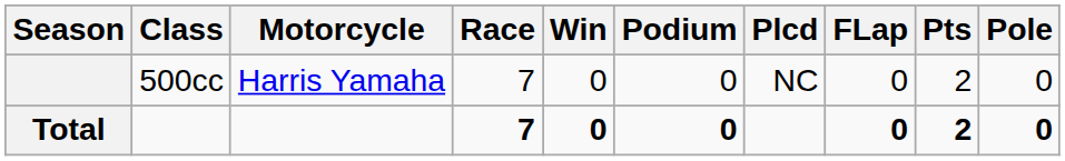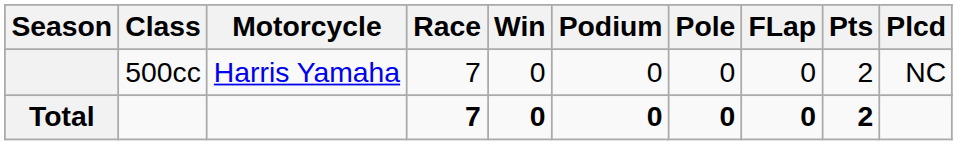 <table class="wikitable">
 <tr>
 <th>Season</th>
 <th>Class</th>
 <th>Motorcycle</th>
 <th>Race</th>
 <th>Win</th>
 <th>Podium</th>
-<th>Plcd</th>
+<th>Pole</th>
 <th>FLap</th>
 <th>Pts</th>
-<th>Pole</th>
+<th>Plcd</th>
 </tr>
 <tr align="right">
 <th></th>
 <td>500cc</td>
 <td><a href='#'>Harris Yamaha</a></td>
 <td>7</td>
 <td>0</td>
 <td>0</td>
-<td>NC</td>
+<td>0</td>
 <td>0</td>
 <td>2</td>
-<td>0</td>
+<td>NC</td>
 </tr>
 <tr align="right">
 <th>Total</th>
 <td></td>
 <td></td>
 <td><strong>7</strong></td>
 <td><strong>0</strong></td>
 <td><strong>0</strong></td>
-<td></td>
+<td><strong>0</strong></td>
 <td><strong>0</strong></td>
 <td><strong>2</strong></td>
-<td><strong>0</strong></td>
+<td></td>
 </tr>
 </table>
